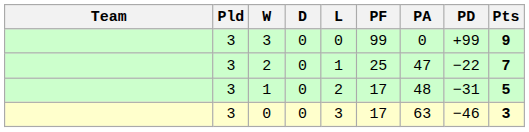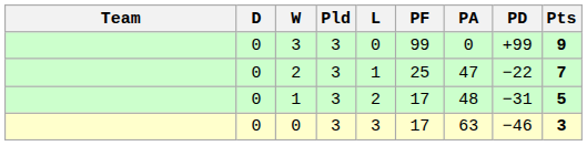 <table class="wikitable" style="text-align:center;">
 <tr>
 <th width=175>Team</th>
+<th width=25 abbr="Drawn">D</th>
+<th width=25 abbr="Won">W</th>
 <th width=25 abbr="Played">Pld</th>
-<th width=25 abbr="Won">W</th>
-<th width=25 abbr="Drawn">D</th>
 <th width=25 abbr="Lost">L</th>
 <th width=32 abbr="Points for">PF</th>
 <th width=32 abbr="Points against">PA</th>
 <th width=32 abbr="Points difference">PD</th>
 <th width=25 abbr="Points">Pts</th>
 </tr>
 <tr bgcolor=ccffcc>
 <td align=left></td>
+<td>0</td>
 <td>3</td>
 <td>3</td>
-<td>0</td>
 <td>0</td>
 <td>99</td>
 <td>0</td>
 <td>+99</td>
 <td><strong>9</strong></td>
 </tr>
 <tr bgcolor=ccffcc>
 <td align=left></td>
+<td>0</td>
+<td>2</td>
 <td>3</td>
-<td>2</td>
-<td>0</td>
 <td>1</td>
 <td>25</td>
 <td>47</td>
 <td>−22</td>
 <td><strong>7</strong></td>
 </tr>
 <tr bgcolor=ccffcc>
 <td align=left></td>
+<td>0</td>
+<td>1</td>
 <td>3</td>
-<td>1</td>
-<td>0</td>
 <td>2</td>
 <td>17</td>
 <td>48</td>
 <td>−31</td>
 <td><strong>5</strong></td>
 </tr>
 <tr bgcolor=ffffcc>
 <td align=left></td>
-<td>3</td>
 <td>0</td>
 <td>0</td>
+<td>3</td>
 <td>3</td>
 <td>17</td>
 <td>63</td>
 <td>−46</td>
 <td><strong>3</strong></td>
 </tr>
 </table>
